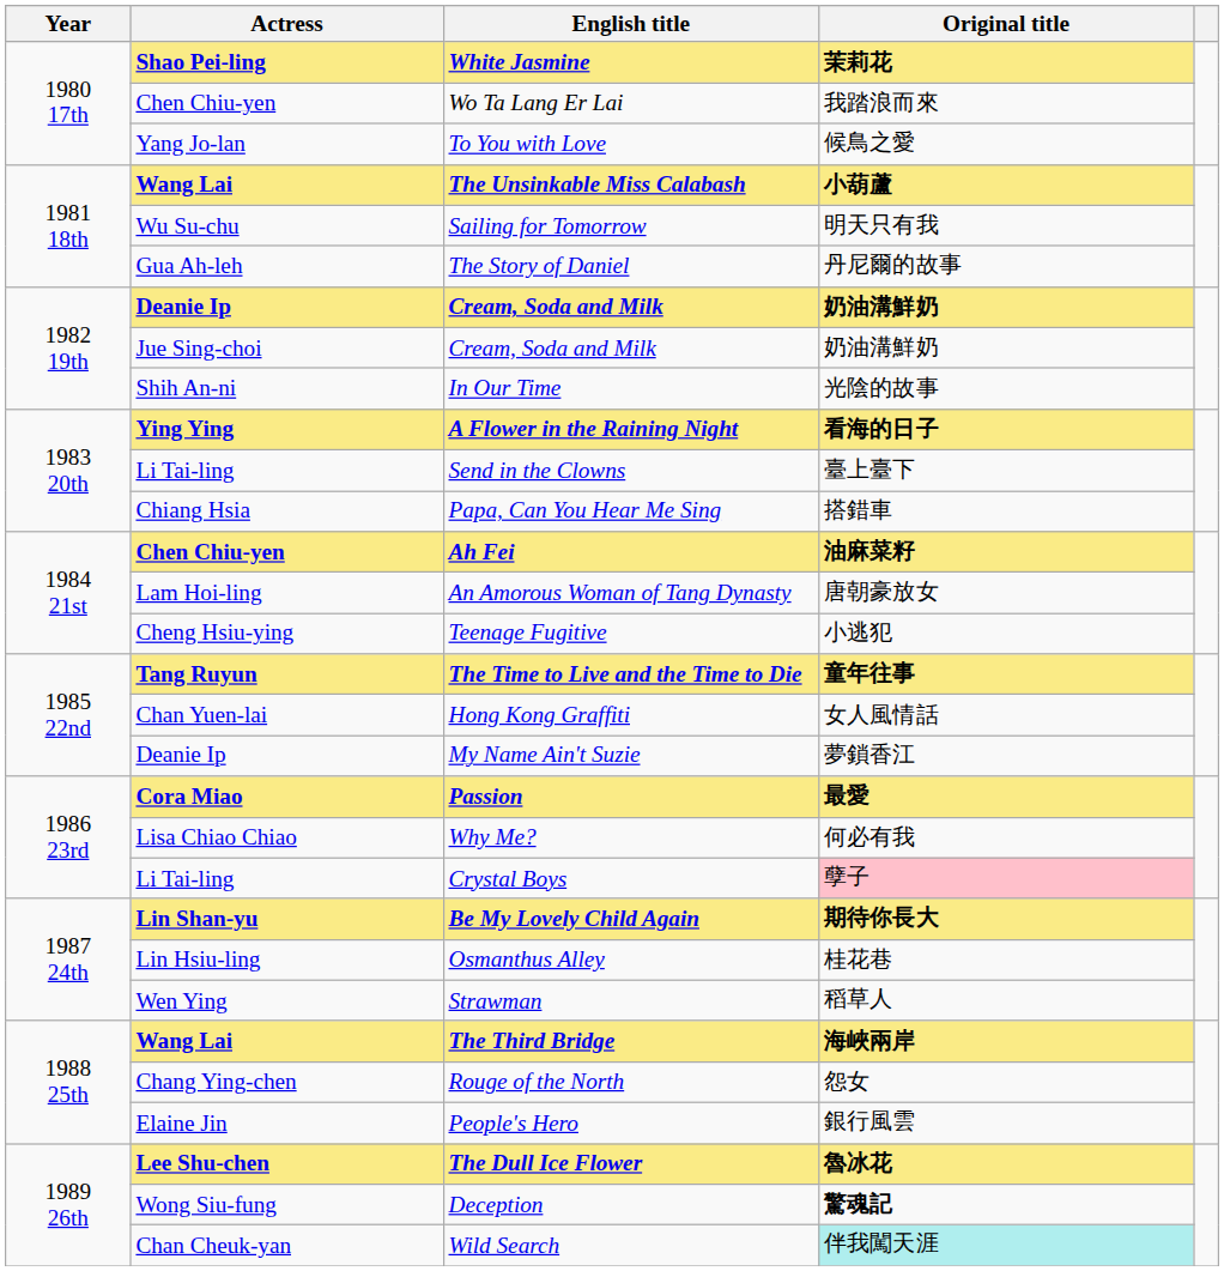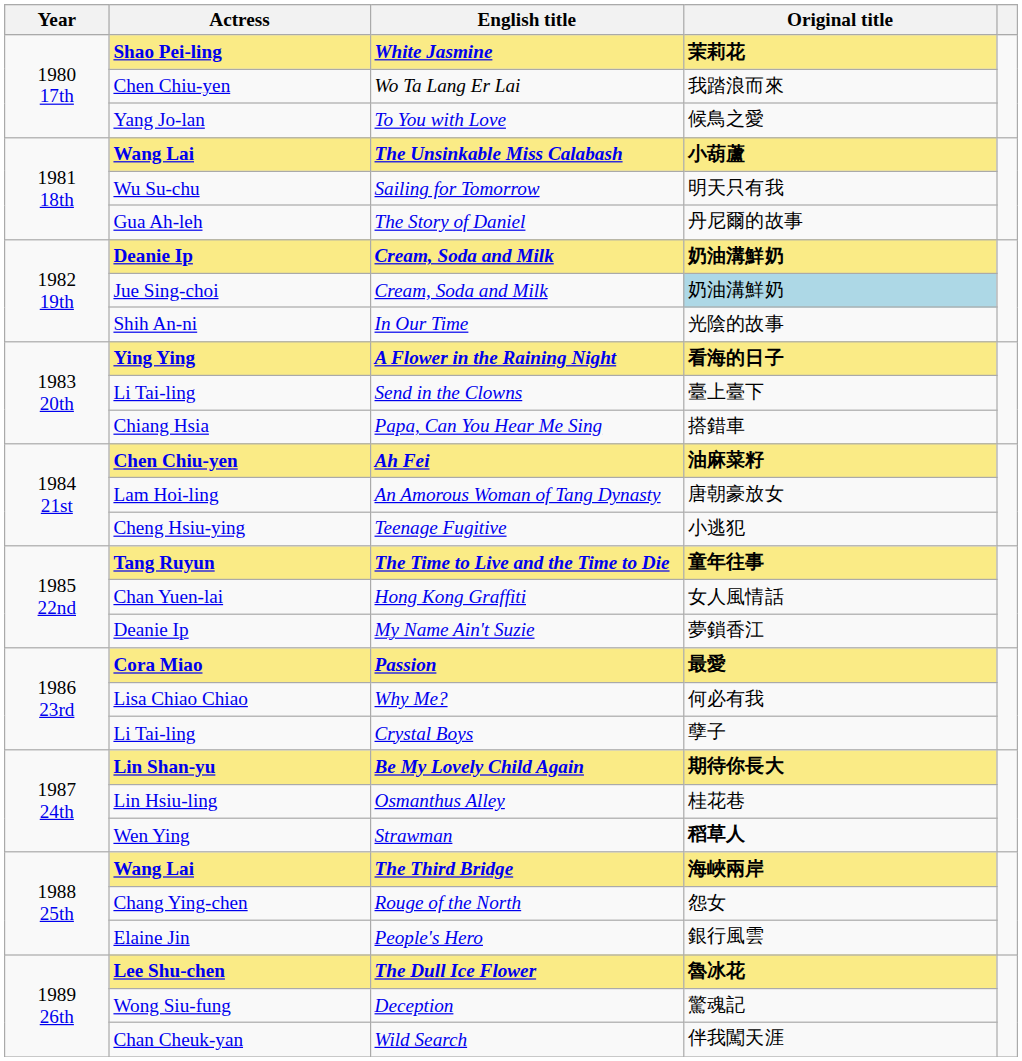 <table class="wikitable">
 <tr style="background:#bebebe;">
 <th style="width:10%;">Year</th>
 <th style="width:25%;">Actress</th>
 <th style="width:30%;">English title</th>
 <th style="width:30%;">Original title</th>
 <th style="width:2%;"></th>
 </tr>
 <tr>
 <td rowspan="3" style="text-align:center">1980<br><a href='#'>17th</a></td>
 <td style="background:#FAEB86"><strong><a href='#'>Shao Pei-ling</a></strong></td>
 <td style="background:#FAEB86"><strong><em><a href='#'>White Jasmine</a></em></strong></td>
 <td style="background:#FAEB86"><strong>茉莉花</strong></td>
 <td rowspan=3></td>
 </tr>
 <tr>
 <td><a href='#'>Chen Chiu-yen</a></td>
 <td><em>Wo Ta Lang Er Lai</em></td>
 <td>我踏浪而來</td>
 </tr>
 <tr>
 <td><a href='#'>Yang Jo-lan</a></td>
 <td><em><a href='#'>To You with Love</a></em></td>
 <td>候鳥之愛</td>
 </tr>
 <tr>
 <td rowspan="3" style="text-align:center">1981<br><a href='#'>18th</a></td>
 <td style="background:#FAEB86"><strong><a href='#'>Wang Lai</a></strong></td>
 <td style="background:#FAEB86"><strong><em><a href='#'>The Unsinkable Miss Calabash</a></em></strong></td>
 <td style="background:#FAEB86"><strong>小葫蘆</strong></td>
 <td rowspan=3></td>
 </tr>
 <tr>
 <td><a href='#'>Wu Su-chu</a></td>
 <td><em><a href='#'>Sailing for Tomorrow</a></em></td>
 <td>明天只有我</td>
 </tr>
 <tr>
 <td><a href='#'>Gua Ah-leh</a></td>
 <td><em><a href='#'>The Story of Daniel</a></em></td>
 <td>丹尼爾的故事</td>
 </tr>
 <tr>
 <td rowspan="3" style="text-align:center">1982<br><a href='#'>19th</a></td>
 <td style="background:#FAEB86"><strong><a href='#'>Deanie Ip</a></strong></td>
 <td style="background:#FAEB86"><strong><em><a href='#'>Cream, Soda and Milk</a></em></strong></td>
 <td style="background:#FAEB86"><strong> 	奶油溝鮮奶</strong></td>
 <td rowspan=3></td>
 </tr>
 <tr>
 <td><a href='#'>Jue Sing-choi</a></td>
 <td><em><a href='#'>Cream, Soda and Milk</a></em></td>
-<td>奶油溝鮮奶</td>
+<td style="background: lightblue;">奶油溝鮮奶</td>
 </tr>
 <tr>
 <td><a href='#'>Shih An-ni</a></td>
 <td><em><a href='#'>In Our Time</a></em></td>
 <td>光陰的故事</td>
 </tr>
 <tr>
 <td rowspan="3" style="text-align:center">1983<br><a href='#'>20th</a></td>
 <td style="background:#FAEB86"><strong><a href='#'>Ying Ying</a></strong></td>
 <td style="background:#FAEB86"><strong><em><a href='#'>A Flower in the Raining Night</a></em></strong></td>
 <td style="background:#FAEB86"><strong>看海的日子</strong></td>
 <td rowspan=3></td>
 </tr>
 <tr>
 <td><a href='#'>Li Tai-ling</a></td>
 <td><em><a href='#'>Send in the Clowns</a></em></td>
 <td>臺上臺下</td>
 </tr>
 <tr>
 <td><a href='#'>Chiang Hsia</a></td>
 <td><em><a href='#'>Papa, Can You Hear Me Sing</a></em></td>
 <td>搭錯車</td>
 </tr>
 <tr>
 <td rowspan="3" style="text-align:center">1984<br><a href='#'>21st</a></td>
 <td style="background:#FAEB86"><strong><a href='#'>Chen Chiu-yen</a></strong></td>
 <td style="background:#FAEB86"><strong><em><a href='#'>Ah Fei</a></em></strong></td>
 <td style="background:#FAEB86"><strong>油麻菜籽</strong></td>
 <td rowspan=3></td>
 </tr>
 <tr>
 <td><a href='#'>Lam Hoi-ling</a></td>
 <td><em><a href='#'>An Amorous Woman of Tang Dynasty</a></em></td>
 <td>唐朝豪放女</td>
 </tr>
 <tr>
 <td><a href='#'>Cheng Hsiu-ying</a></td>
 <td><em><a href='#'>Teenage Fugitive</a></em></td>
 <td>小逃犯</td>
 </tr>
 <tr>
 <td rowspan="3" style="text-align:center">1985<br><a href='#'>22nd</a></td>
 <td style="background:#FAEB86"><strong><a href='#'>Tang Ruyun</a></strong></td>
 <td style="background:#FAEB86"><strong><em><a href='#'>The Time to Live and the Time to Die</a></em></strong></td>
 <td style="background:#FAEB86"><strong>童年往事</strong></td>
 <td rowspan=3></td>
 </tr>
 <tr>
 <td><a href='#'>Chan Yuen-lai</a></td>
 <td><em><a href='#'>Hong Kong Graffiti</a></em></td>
 <td>女人風情話</td>
 </tr>
 <tr>
 <td><a href='#'>Deanie Ip</a></td>
 <td><em><a href='#'>My Name Ain't Suzie</a></em></td>
 <td>夢鎖香江</td>
 </tr>
 <tr>
 <td rowspan="3" style="text-align:center">1986<br><a href='#'>23rd</a></td>
 <td style="background:#FAEB86"><strong><a href='#'>Cora Miao</a></strong></td>
 <td style="background:#FAEB86"><strong><em><a href='#'>Passion</a></em></strong></td>
 <td style="background:#FAEB86"><strong>最愛</strong></td>
 <td rowspan=3></td>
 </tr>
 <tr>
 <td><a href='#'>Lisa Chiao Chiao</a></td>
 <td><em><a href='#'>Why Me?</a></em></td>
 <td>何必有我</td>
 </tr>
 <tr>
 <td><a href='#'>Li Tai-ling</a></td>
 <td><em><a href='#'>Crystal Boys</a></em></td>
-<td style="background: pink;">孽子</td>
+<td>孽子</td>
 </tr>
 <tr>
 <td rowspan="3" style="text-align:center">1987<br><a href='#'>24th</a></td>
 <td style="background:#FAEB86"><strong><a href='#'>Lin Shan-yu</a></strong></td>
 <td style="background:#FAEB86"><strong><em><a href='#'>Be My Lovely Child Again</a></em></strong></td>
 <td style="background:#FAEB86"><strong>期待你長大</strong></td>
 <td rowspan=3></td>
 </tr>
 <tr>
 <td><a href='#'>Lin Hsiu-ling</a></td>
 <td><em><a href='#'>Osmanthus Alley</a></em></td>
 <td>桂花巷</td>
 </tr>
 <tr>
 <td><a href='#'>Wen Ying</a></td>
 <td><em><a href='#'>Strawman</a></em></td>
-<td>稻草人</td>
+<td><strong>稻草人</strong></td>
 </tr>
 <tr>
 <td rowspan="3" style="text-align:center">1988<br><a href='#'>25th</a></td>
 <td style="background:#FAEB86"><strong><a href='#'>Wang Lai</a></strong></td>
 <td style="background:#FAEB86"><strong><em><a href='#'>The Third Bridge</a></em></strong></td>
 <td style="background:#FAEB86"><strong>海峽兩岸</strong></td>
 <td rowspan=3></td>
 </tr>
 <tr>
 <td><a href='#'>Chang Ying-chen</a></td>
 <td><em><a href='#'>Rouge of the North</a></em></td>
 <td>怨女</td>
 </tr>
 <tr>
 <td><a href='#'>Elaine Jin</a></td>
 <td><em><a href='#'>People's Hero</a></em></td>
 <td>銀行風雲</td>
 </tr>
 <tr>
 <td rowspan="3" style="text-align:center">1989<br><a href='#'>26th</a></td>
 <td style="background:#FAEB86"><strong><a href='#'>Lee Shu-chen</a></strong></td>
 <td style="background:#FAEB86"><strong><em><a href='#'>The Dull Ice Flower</a></em></strong></td>
 <td style="background:#FAEB86"><strong>魯冰花</strong></td>
 <td rowspan=3></td>
 </tr>
 <tr>
 <td><a href='#'>Wong Siu-fung</a></td>
 <td><em><a href='#'>Deception</a></em></td>
-<td><strong>驚魂記</strong></td>
+<td>驚魂記</td>
 </tr>
 <tr>
 <td><a href='#'>Chan Cheuk-yan</a></td>
 <td><em><a href='#'>Wild Search</a></em></td>
-<td style="background: paleturquoise;">伴我闖天涯</td>
+<td>伴我闖天涯</td>
 </tr>
 </table>
